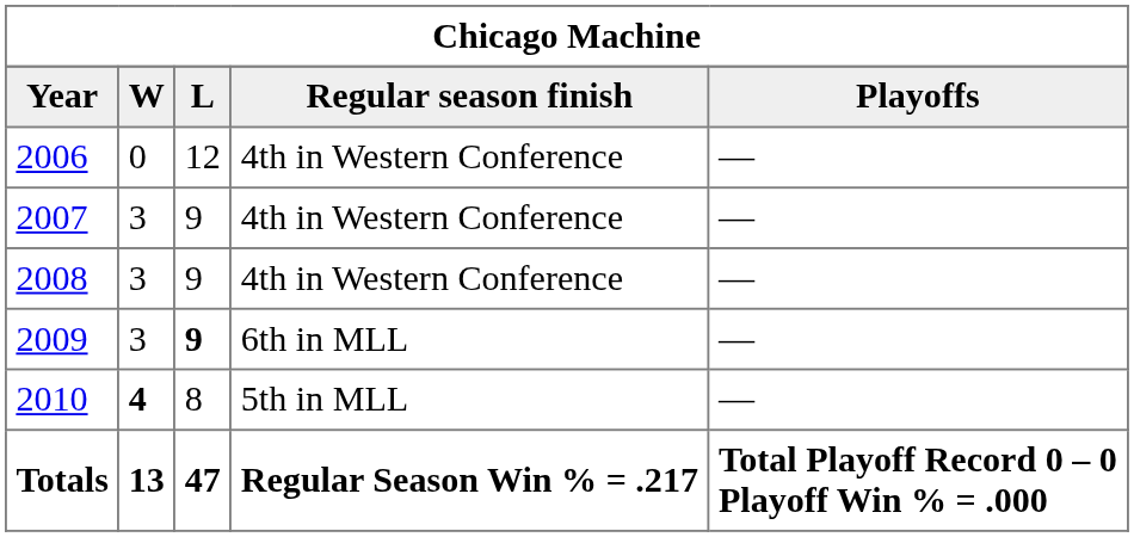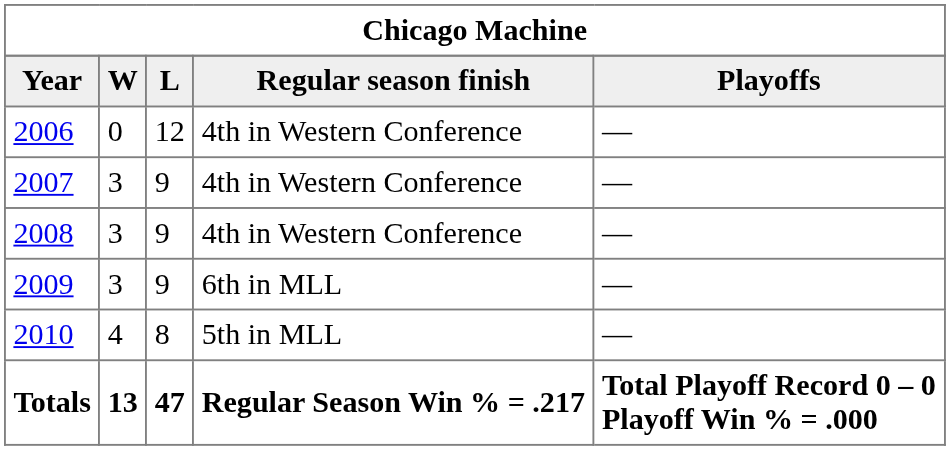 <table class="toccolours" border="1" cellpadding="4" cellspacing="2" style="border-collapse: collapse;">
 <tr>
 <td colspan="5" align="center"><strong>Chicago Machine</strong></td>
 </tr>
 <tr>
 </tr>
 <tr bgcolor="#efefef">
 <th>Year</th>
 <th>W</th>
 <th>L</th>
 <th>Regular season finish</th>
 <th>Playoffs</th>
 </tr>
 <tr>
 <td><a href='#'>2006</a></td>
 <td>0</td>
 <td>12</td>
 <td>4th in Western Conference</td>
 <td>—</td>
 </tr>
 <tr>
 <td><a href='#'>2007</a></td>
 <td>3</td>
 <td>9</td>
 <td>4th in Western Conference</td>
 <td>—</td>
 </tr>
 <tr>
 <td><a href='#'>2008</a></td>
 <td>3</td>
 <td>9</td>
 <td>4th in Western Conference</td>
 <td>—</td>
 </tr>
 <tr>
 <td><a href='#'>2009</a></td>
 <td>3</td>
-<td><strong>9</strong></td>
+<td>9</td>
 <td>6th in MLL</td>
 <td>—</td>
 </tr>
 <tr>
 <td><a href='#'>2010</a></td>
-<td><strong>4</strong></td>
+<td>4</td>
 <td>8</td>
 <td>5th in MLL</td>
 <td>—</td>
 </tr>
 <tr>
 <td><strong>Totals</strong></td>
 <td><strong>13</strong></td>
 <td><strong>47</strong></td>
 <td><strong>Regular Season Win % = .217</strong></td>
 <td><strong>Total Playoff Record 0 – 0</strong> <br> <strong>Playoff Win % = .000</strong></td>
 </tr>
 </table>
